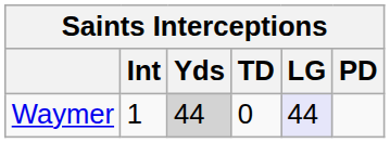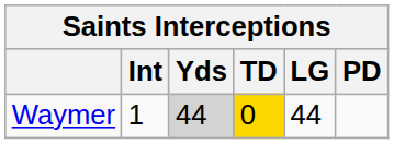 <table class="wikitable">
 <tr>
 <th colspan="6">Saints Interceptions</th>
 </tr>
 <tr>
 <th></th>
 <th>Int</th>
 <th>Yds</th>
 <th>TD</th>
 <th>LG</th>
 <th>PD</th>
 </tr>
 <tr>
 <td><a href='#'>Waymer</a></td>
 <td>1</td>
 <td style="background: lightgrey;">44</td>
-<td>0</td>
-<td style="background: lavender;">44</td>
+<td style="background: gold;">0</td>
+<td>44</td>
 <td></td>
 </tr>
 </table>
